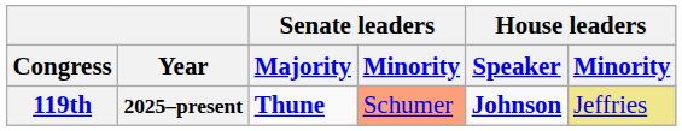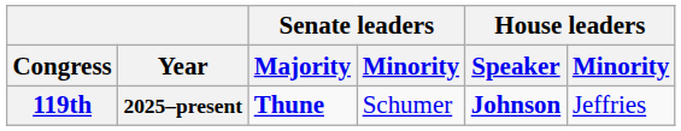 <table class="wikitable" style="margin-left:1em">
 <tr>
 <th colspan=2></th>
 <th colspan=2>Senate leaders</th>
 <th colspan=2>House leaders</th>
 </tr>
 <tr>
 <th>Congress</th>
 <th>Year</th>
 <th><a href='#'>Majority</a></th>
 <th><a href='#'>Minority</a></th>
 <th><a href='#'>Speaker</a></th>
 <th><a href='#'>Minority</a></th>
 </tr>
 <tr>
 <th><a href='#'>119th</a></th>
 <th><small>2025–present</small></th>
 <td><strong><a href='#'>Thune</a></strong></td>
-<td style="background: lightsalmon;"><a href='#'>Schumer</a></td>
+<td><a href='#'>Schumer</a></td>
 <td><strong><a href='#'>Johnson</a></strong></td>
-<td style="background: khaki;"><a href='#'>Jeffries</a></td>
+<td><a href='#'>Jeffries</a></td>
 </tr>
 </table>
